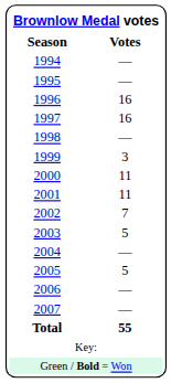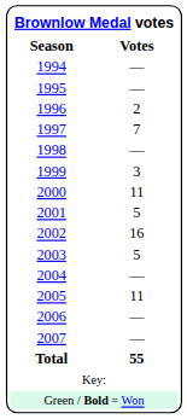 <table style="margin-right:4px; margin-top:8px; float:right; border:1px #000 solid; border-radius:8px; background:#fff; font-family:Verdana; font-size:8pt; text-align:center;">
 <tr style="background:#fff;">
 <td colspan="2;" style="padding:3px; margin-bottom:-3px; margin-top:2px; font-family:Arial; "><strong><a href='#'>Brownlow Medal</a> votes</strong></td>
 </tr>
 <tr>
 <th style="width:50%;">Season</th>
 <th style="width:50%;">Votes</th>
 </tr>
 <tr>
 <td><a href='#'>1994</a></td>
 <td>—</td>
 </tr>
 <tr>
 <td><a href='#'>1995</a></td>
 <td>—</td>
 </tr>
 <tr>
 <td><a href='#'>1996</a></td>
-<td>16</td>
+<td>2</td>
 </tr>
 <tr>
 <td><a href='#'>1997</a></td>
-<td>16</td>
+<td>7</td>
 </tr>
 <tr>
 <td><a href='#'>1998</a></td>
 <td>—</td>
 </tr>
 <tr>
 <td><a href='#'>1999</a></td>
 <td>3</td>
 </tr>
 <tr>
 <td><a href='#'>2000</a></td>
 <td>11</td>
 </tr>
 <tr>
 <td><a href='#'>2001</a></td>
-<td>11</td>
+<td>5</td>
 </tr>
 <tr>
 <td><a href='#'>2002</a></td>
-<td>7</td>
+<td>16</td>
 </tr>
 <tr>
 <td><a href='#'>2003</a></td>
 <td>5</td>
 </tr>
 <tr>
 <td><a href='#'>2004</a></td>
 <td>—</td>
 </tr>
 <tr>
 <td><a href='#'>2005</a></td>
-<td>5</td>
+<td>11</td>
 </tr>
 <tr>
 <td><a href='#'>2006</a></td>
 <td>—</td>
 </tr>
 <tr>
 <td><a href='#'>2007</a></td>
 <td>—</td>
 </tr>
 <tr>
 <td><strong>Total</strong></td>
 <td><strong>55</strong></td>
 </tr>
 <tr>
 <td colspan=2><small>Key:</small></td>
 </tr>
 <tr style="background:#d9f9e9; border:1px solid #aaa; width:2em;">
 <td colspan=2><small>Green / <strong>Bold</strong> = <a href='#'>Won</a></small></td>
 </tr>
 </table>
